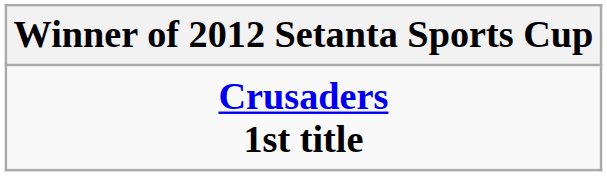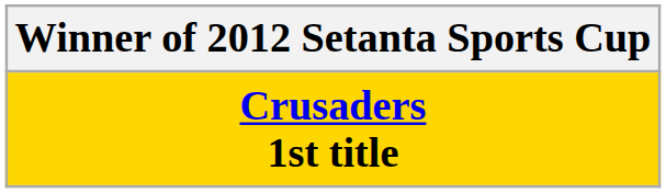 <table class="wikitable" style="text-align: center; margin: 0 auto;">
 <tr>
 <th>Winner of 2012 Setanta Sports Cup</th>
 </tr>
 <tr>
-<td> <strong><a href='#'>Crusaders</a></strong><br><strong>1st title</strong></td>
+<td style="background: gold;"> <strong><a href='#'>Crusaders</a></strong><br><strong>1st title</strong></td>
 </tr>
 </table>
